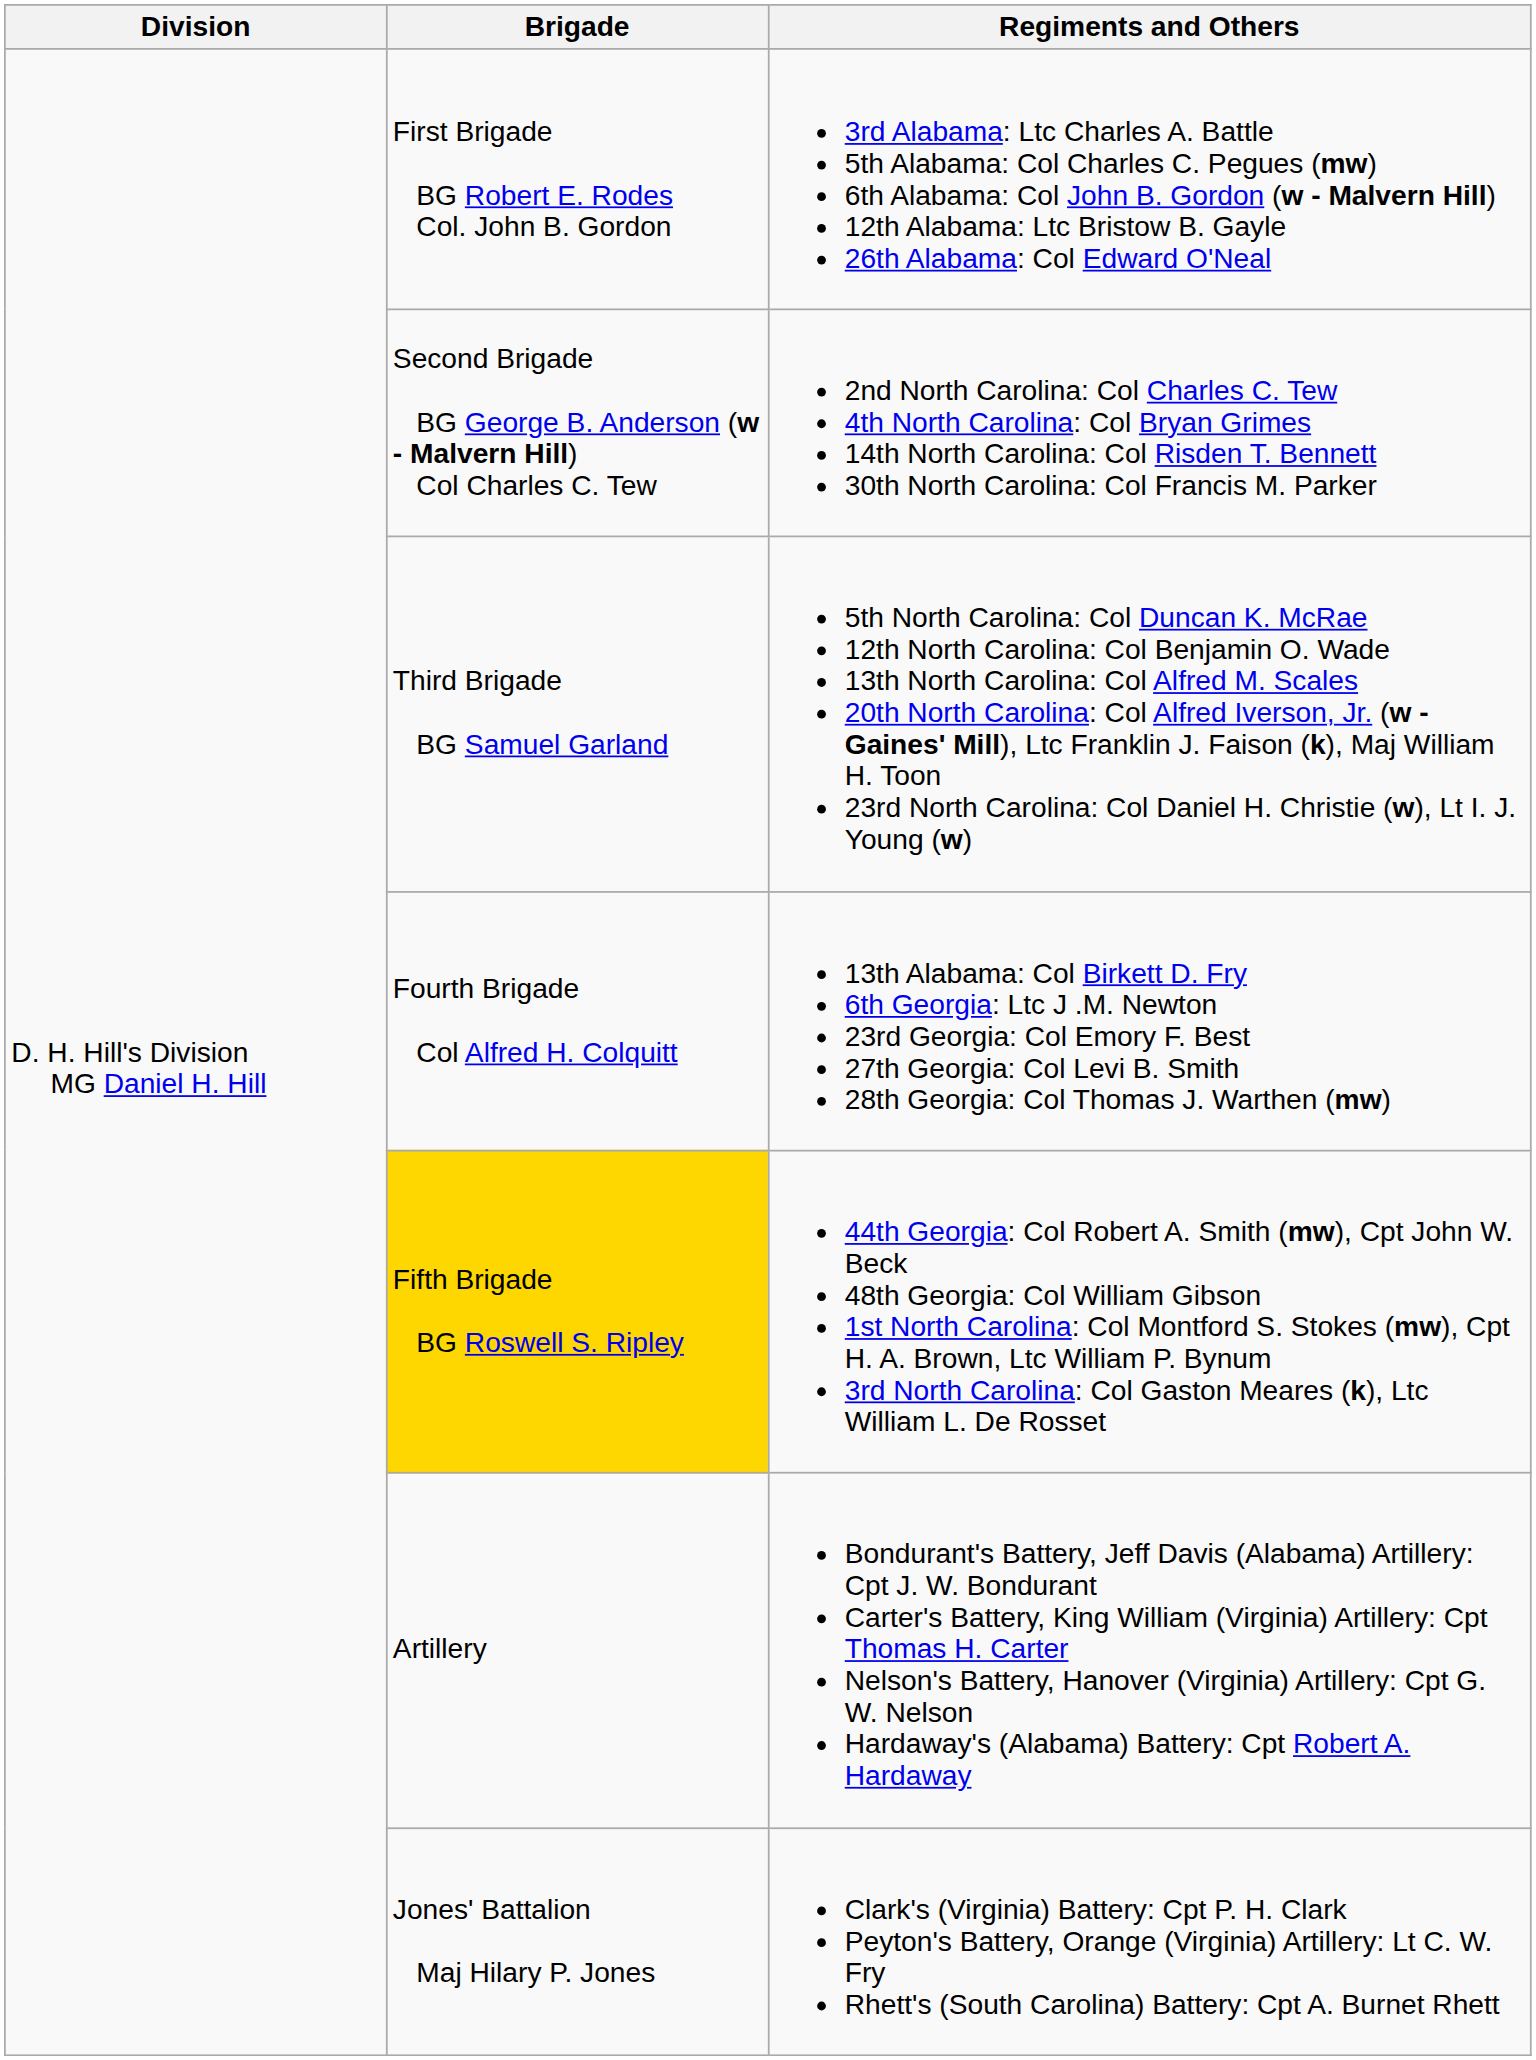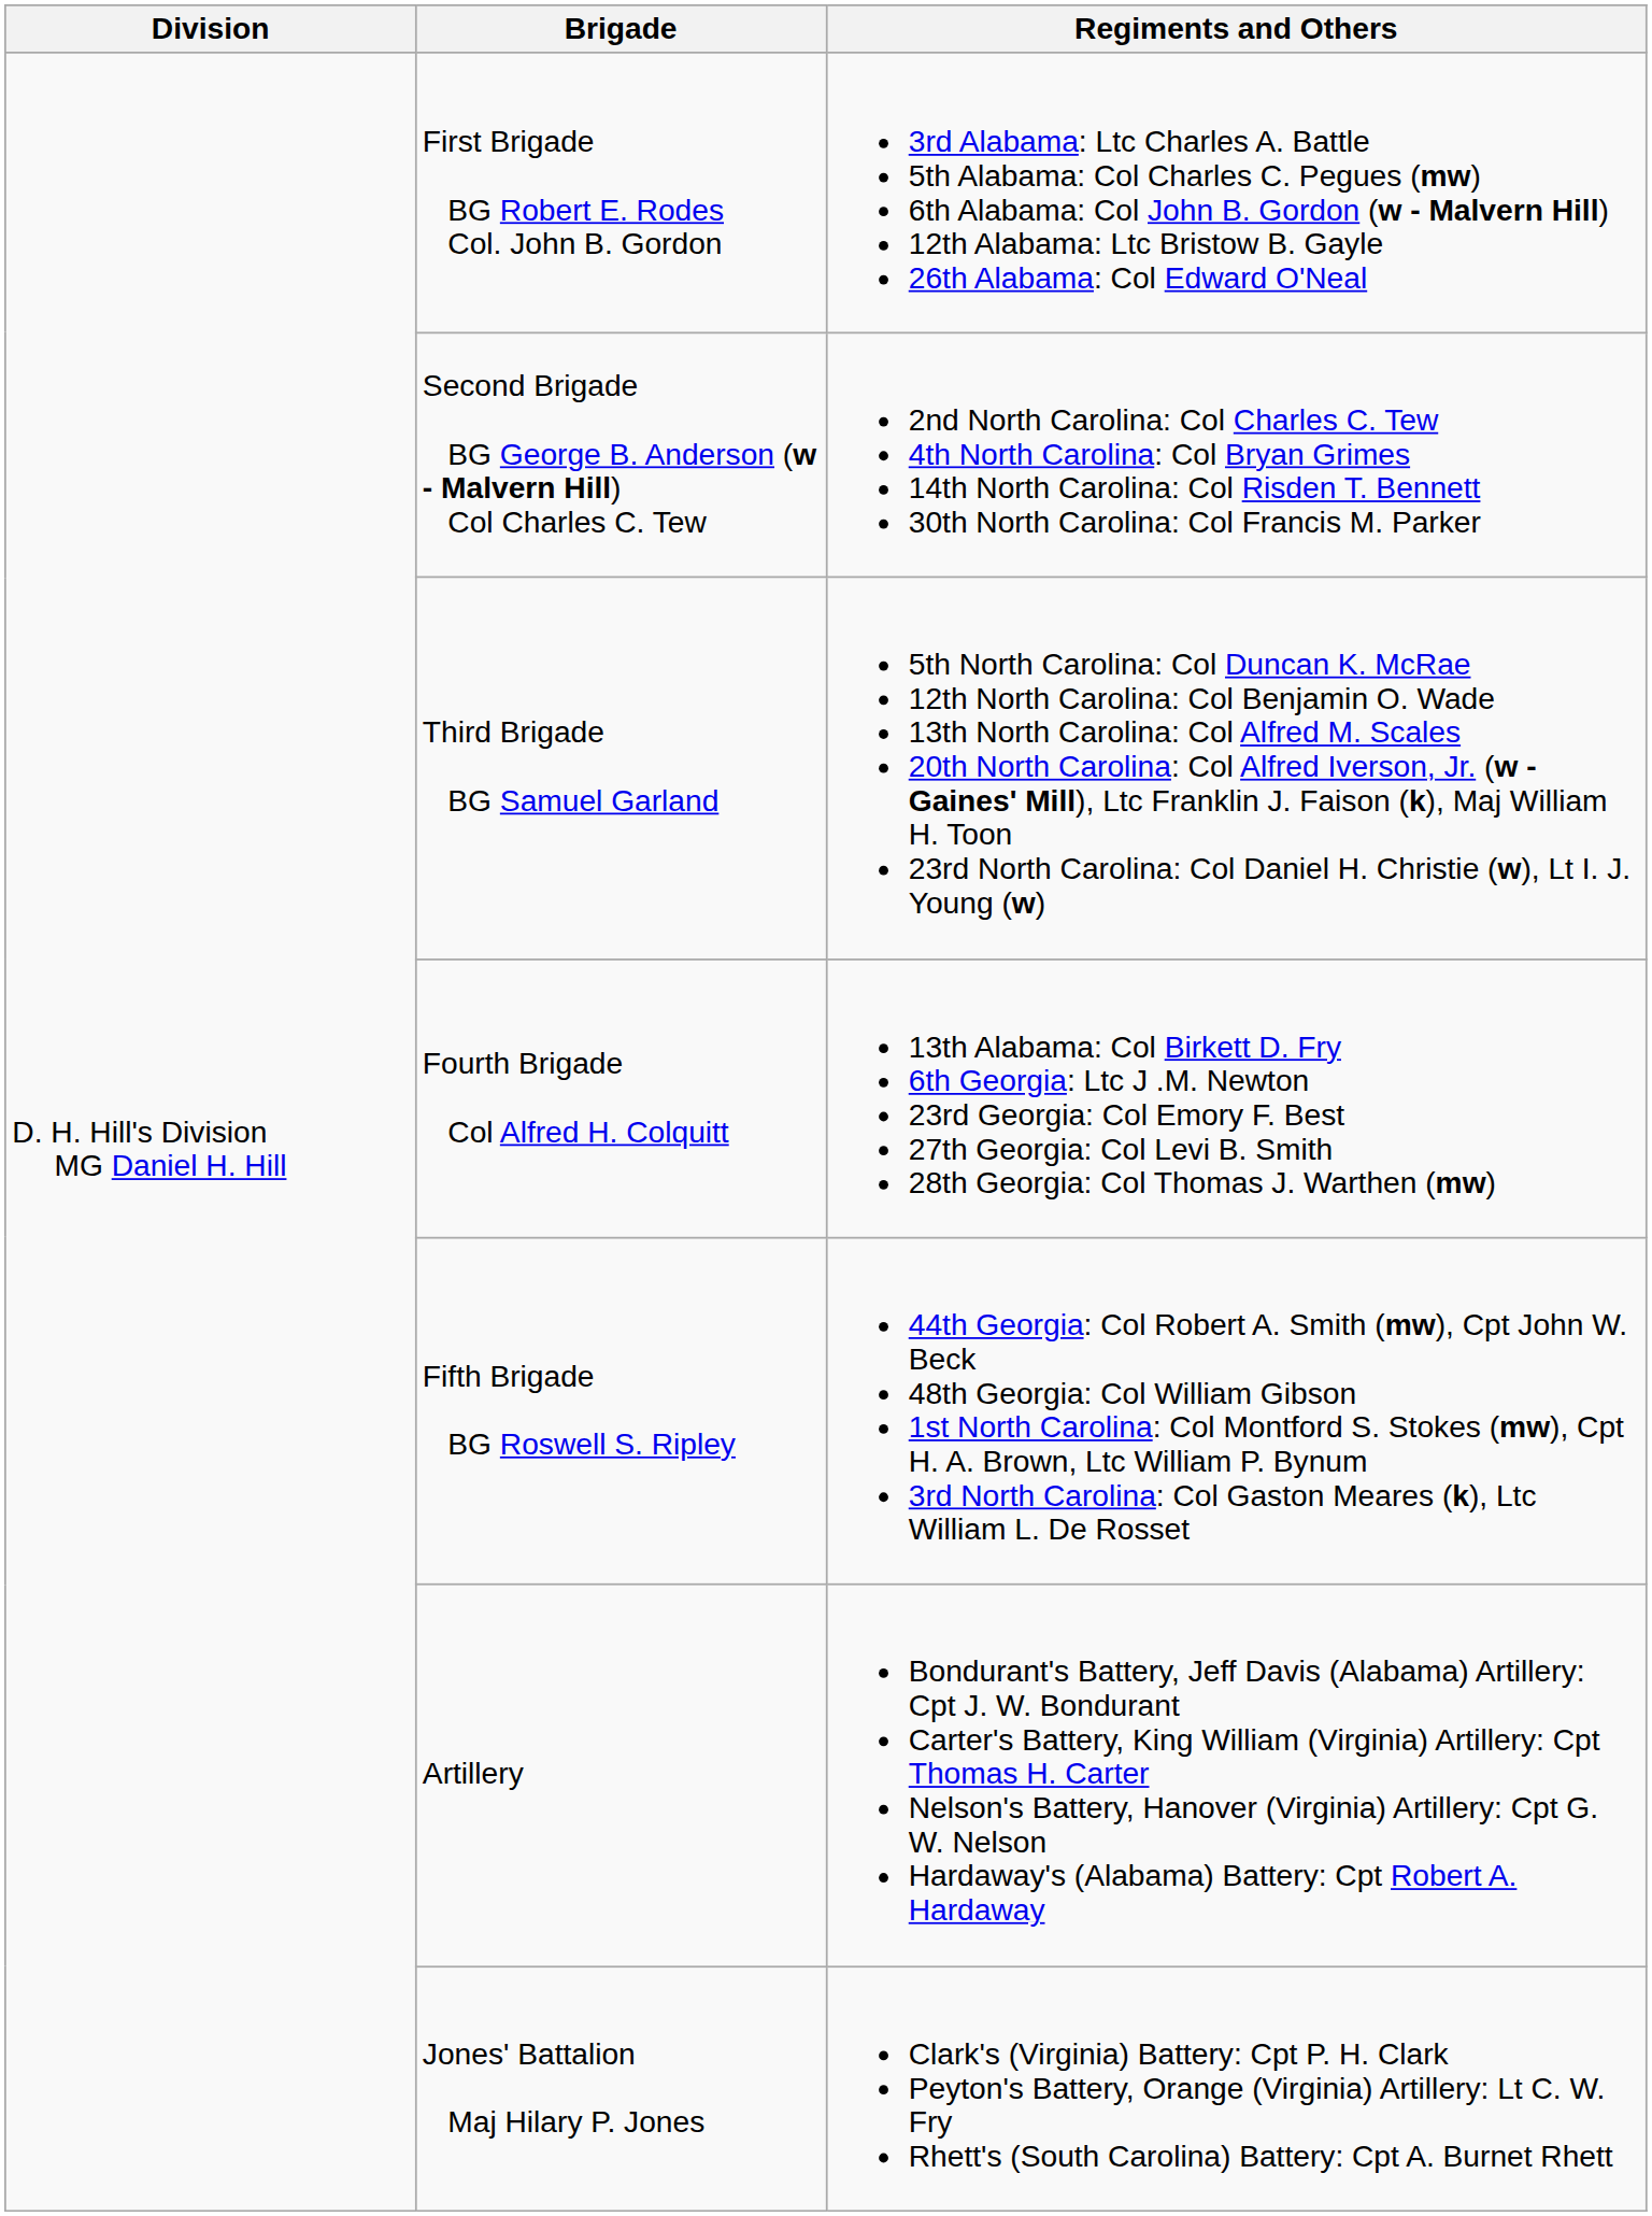 <table class="wikitable">
 <tr>
 <th width=25%>Division</th>
 <th width=25%>Brigade</th>
 <th>Regiments and Others</th>
 </tr>
 <tr>
 <td rowspan=7><br>D. H. Hill's Division <br>     MG <a href='#'>Daniel H. Hill</a></td>
 <td>First Brigade<br><br>   BG <a href='#'>Robert E. Rodes</a> <br>   Col. John B. Gordon</td>
 <td><br><ul><li><a href='#'>3rd Alabama</a>: Ltc Charles A. Battle</li><li>5th Alabama: Col Charles C. Pegues (<strong>mw</strong>)</li><li>6th Alabama: Col <a href='#'>John B. Gordon</a> (<strong>w - Malvern Hill</strong>)</li><li>12th Alabama: Ltc Bristow B. Gayle</li><li><a href='#'>26th Alabama</a>: Col <a href='#'>Edward O'Neal</a></li></ul></td>
 </tr>
 <tr>
 <td>Second Brigade<br><br>   BG <a href='#'>George B. Anderson</a> (<strong>w - Malvern Hill</strong>)  <br>   Col Charles C. Tew</td>
 <td><br><ul><li>2nd North Carolina: Col <a href='#'>Charles C. Tew</a></li><li><a href='#'>4th North Carolina</a>: Col <a href='#'>Bryan Grimes</a></li><li>14th North Carolina: Col <a href='#'>Risden T. Bennett</a></li><li>30th North Carolina: Col Francis M. Parker</li></ul></td>
 </tr>
 <tr>
 <td>Third Brigade<br><br>   BG <a href='#'>Samuel Garland</a></td>
 <td><br><ul><li>5th North Carolina: Col <a href='#'>Duncan K. McRae</a></li><li>12th North Carolina: Col Benjamin O. Wade</li><li>13th North Carolina: Col <a href='#'>Alfred M. Scales</a></li><li><a href='#'>20th North Carolina</a>: Col <a href='#'>Alfred Iverson, Jr.</a> (<strong>w - Gaines' Mill</strong>), Ltc Franklin J. Faison (<strong>k</strong>), Maj William H. Toon</li><li>23rd North Carolina: Col Daniel H. Christie (<strong>w</strong>), Lt I. J. Young (<strong>w</strong>)</li></ul></td>
 </tr>
 <tr>
 <td>Fourth Brigade<br><br>   Col <a href='#'>Alfred H. Colquitt</a></td>
 <td><br><ul><li>13th Alabama: Col <a href='#'>Birkett D. Fry</a></li><li><a href='#'>6th Georgia</a>: Ltc J .M. Newton</li><li>23rd Georgia: Col Emory F. Best</li><li>27th Georgia: Col Levi B. Smith</li><li>28th Georgia: Col Thomas J. Warthen (<strong>mw</strong>)</li></ul></td>
 </tr>
 <tr>
-<td style="background: gold;">Fifth Brigade<br><br>   BG <a href='#'>Roswell S. Ripley</a></td>
+<td>Fifth Brigade<br><br>   BG <a href='#'>Roswell S. Ripley</a></td>
 <td><br><ul><li><a href='#'>44th Georgia</a>: Col Robert A. Smith (<strong>mw</strong>), Cpt John W. Beck</li><li>48th Georgia: Col William Gibson</li><li><a href='#'>1st North Carolina</a>: Col Montford S. Stokes (<strong>mw</strong>), Cpt H. A. Brown, Ltc William P. Bynum</li><li><a href='#'>3rd North Carolina</a>: Col Gaston Meares (<strong>k</strong>), Ltc William L. De Rosset</li></ul></td>
 </tr>
 <tr>
 <td>Artillery</td>
 <td><br><ul><li>Bondurant's Battery, Jeff Davis (Alabama) Artillery: Cpt J. W. Bondurant</li><li>Carter's Battery, King William (Virginia) Artillery: Cpt <a href='#'>Thomas H. Carter</a></li><li>Nelson's Battery, Hanover (Virginia) Artillery: Cpt G. W. Nelson</li><li>Hardaway's (Alabama) Battery: Cpt <a href='#'>Robert A. Hardaway</a></li></ul></td>
 </tr>
 <tr>
 <td>Jones' Battalion<br><br>   Maj Hilary P. Jones</td>
 <td><br><ul><li>Clark's (Virginia) Battery: Cpt P. H. Clark</li><li>Peyton's Battery, Orange (Virginia) Artillery: Lt C. W. Fry</li><li>Rhett's (South Carolina) Battery: Cpt A. Burnet Rhett</li></ul></td>
 </tr>
 </table>
